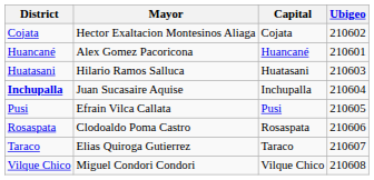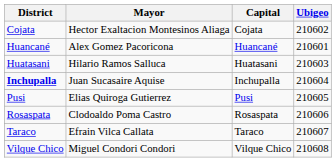 <table class="wikitable sortable">
 <tr>
 <th>District</th>
 <th>Mayor</th>
 <th>Capital</th>
 <th><a href='#'>Ubigeo</a></th>
 </tr>
 <tr>
 <td><a href='#'>Cojata</a></td>
 <td>Hector Exaltacion Montesinos Aliaga</td>
 <td>Cojata</td>
 <td>210602</td>
 </tr>
 <tr>
 <td><a href='#'>Huancané</a></td>
 <td>Alex Gomez Pacoricona</td>
 <td><a href='#'>Huancané</a></td>
 <td>210601</td>
 </tr>
 <tr>
 <td><a href='#'>Huatasani</a></td>
 <td>Hilario Ramos Salluca</td>
 <td>Huatasani</td>
 <td>210603</td>
 </tr>
 <tr>
 <td><strong><a href='#'>Inchupalla</a></strong></td>
 <td>Juan Sucasaire Aquise</td>
 <td>Inchupalla</td>
 <td>210604</td>
 </tr>
 <tr>
 <td><a href='#'>Pusi</a></td>
-<td>Efrain Vilca Callata</td>
+<td>Elias Quiroga Gutierrez</td>
 <td><a href='#'>Pusi</a></td>
 <td>210605</td>
 </tr>
 <tr>
 <td><a href='#'>Rosaspata</a></td>
 <td>Clodoaldo Poma Castro</td>
 <td>Rosaspata</td>
 <td>210606</td>
 </tr>
 <tr>
 <td><a href='#'>Taraco</a></td>
-<td>Elias Quiroga Gutierrez</td>
+<td>Efrain Vilca Callata</td>
 <td>Taraco</td>
 <td>210607</td>
 </tr>
 <tr>
 <td><a href='#'>Vilque Chico</a></td>
 <td>Miguel Condori Condori</td>
 <td>Vilque Chico</td>
 <td>210608</td>
 </tr>
 </table>
